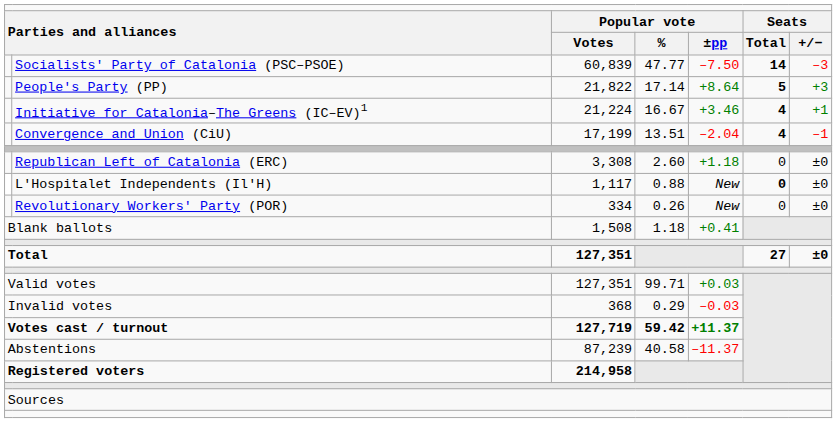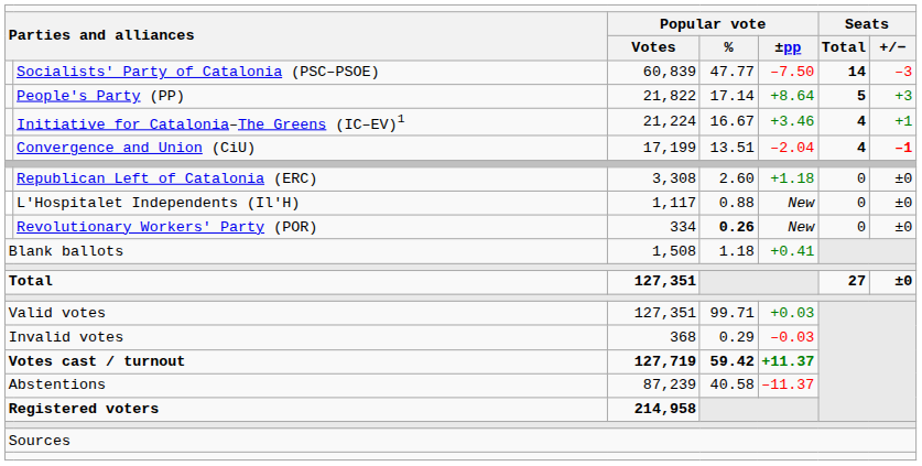 <table class="wikitable" style="text-align:right;">
 <tr>
 <td colspan="7"></td>
 </tr>
 <tr>
 <th style="text-align:left;" rowspan="2" colspan="2" width="525">Parties and alliances</th>
 <th colspan="3">Popular vote</th>
 <th colspan="2">Seats</th>
 </tr>
 <tr>
 <th width="75">Votes</th>
 <th width="45">%</th>
 <th width="45">±<a href='#'>pp</a></th>
 <th width="35">Total</th>
 <th width="35">+/−</th>
 </tr>
 <tr>
 <td width="1" style="color:inherit;background:"></td>
 <td align="left"><a href='#'>Socialists' Party of Catalonia</a> (PSC–PSOE)</td>
 <td>60,839</td>
 <td>47.77</td>
 <td style="color:red;">–7.50</td>
 <td><strong>14</strong></td>
 <td style="color:red;">–3</td>
 </tr>
 <tr>
 <td style="color:inherit;background:"></td>
 <td align="left"><a href='#'>People's Party</a> (PP)</td>
 <td>21,822</td>
 <td>17.14</td>
 <td style="color:green;">+8.64</td>
 <td><strong>5</strong></td>
 <td style="color:green;">+3</td>
 </tr>
 <tr>
 <td style="color:inherit;background:"></td>
 <td align="left"><a href='#'>Initiative for Catalonia</a>–<a href='#'>The Greens</a> (IC–EV)<sup>1</sup></td>
 <td>21,224</td>
 <td>16.67</td>
 <td style="color:green;">+3.46</td>
 <td><strong>4</strong></td>
 <td style="color:green;">+1</td>
 </tr>
 <tr>
 <td style="color:inherit;background:"></td>
 <td align="left"><a href='#'>Convergence and Union</a> (CiU)</td>
 <td>17,199</td>
 <td>13.51</td>
 <td style="color:red;">–2.04</td>
 <td><strong>4</strong></td>
-<td style="color:red;">–1</td>
+<td style="color:red;"><strong>–1</strong></td>
 </tr>
 <tr>
 <td colspan="7" style="color:inherit;background:#C0C0C0"></td>
 </tr>
 <tr>
 <td style="color:inherit;background:"></td>
 <td align="left"><a href='#'>Republican Left of Catalonia</a> (ERC)</td>
 <td>3,308</td>
 <td>2.60</td>
 <td style="color:green;">+1.18</td>
 <td>0</td>
 <td>±0</td>
 </tr>
 <tr>
 <td bgcolor="white"></td>
 <td align="left">L'Hospitalet Independents (Il'H)</td>
 <td>1,117</td>
 <td>0.88</td>
 <td><em>New</em></td>
-<td><strong>0</strong></td>
+<td>0</td>
 <td>±0</td>
 </tr>
 <tr>
 <td style="color:inherit;background:"></td>
 <td align="left"><a href='#'>Revolutionary Workers' Party</a> (POR)</td>
 <td>334</td>
-<td>0.26</td>
+<td><strong>0.26</strong></td>
 <td><em>New</em></td>
 <td>0</td>
 <td>±0</td>
 </tr>
 <tr>
 <td align="left" colspan="2">Blank ballots</td>
 <td>1,508</td>
 <td>1.18</td>
 <td style="color:green;">+0.41</td>
 <td style="color:inherit;background:#E9E9E9" colspan="2"></td>
 </tr>
 <tr>
 <td colspan="7" style="color:inherit;background:#E9E9E9"></td>
 </tr>
 <tr style="font-weight:bold;">
 <td align="left" colspan="2">Total</td>
 <td>127,351</td>
 <td bgcolor="#E9E9E9" colspan="2"></td>
 <td>27</td>
 <td>±0</td>
 </tr>
 <tr>
 <td colspan="7" style="color:inherit;background:#E9E9E9"></td>
 </tr>
 <tr>
 <td align="left" colspan="2">Valid votes</td>
 <td>127,351</td>
 <td>99.71</td>
 <td style="color:green;">+0.03</td>
 <td bgcolor="#E9E9E9" colspan="2" rowspan="5"></td>
 </tr>
 <tr>
 <td align="left" colspan="2">Invalid votes</td>
 <td>368</td>
 <td>0.29</td>
 <td style="color:red;">–0.03</td>
 </tr>
 <tr style="font-weight:bold;">
 <td align="left" colspan="2">Votes cast / turnout</td>
 <td>127,719</td>
 <td>59.42</td>
 <td style="color:green;">+11.37</td>
 </tr>
 <tr>
 <td align="left" colspan="2">Abstentions</td>
 <td>87,239</td>
 <td>40.58</td>
 <td style="color:red;">–11.37</td>
 </tr>
 <tr style="font-weight:bold;">
 <td align="left" colspan="2">Registered voters</td>
 <td>214,958</td>
 <td bgcolor="#E9E9E9" colspan="2"></td>
 </tr>
 <tr>
 <td colspan="7" style="color:inherit;background:#E9E9E9"></td>
 </tr>
 <tr>
 <td align="left" colspan="7">Sources</td>
 </tr>
 <tr>
 <td colspan="7" style="text-align:left; max-width:790px;"></td>
 </tr>
 </table>
